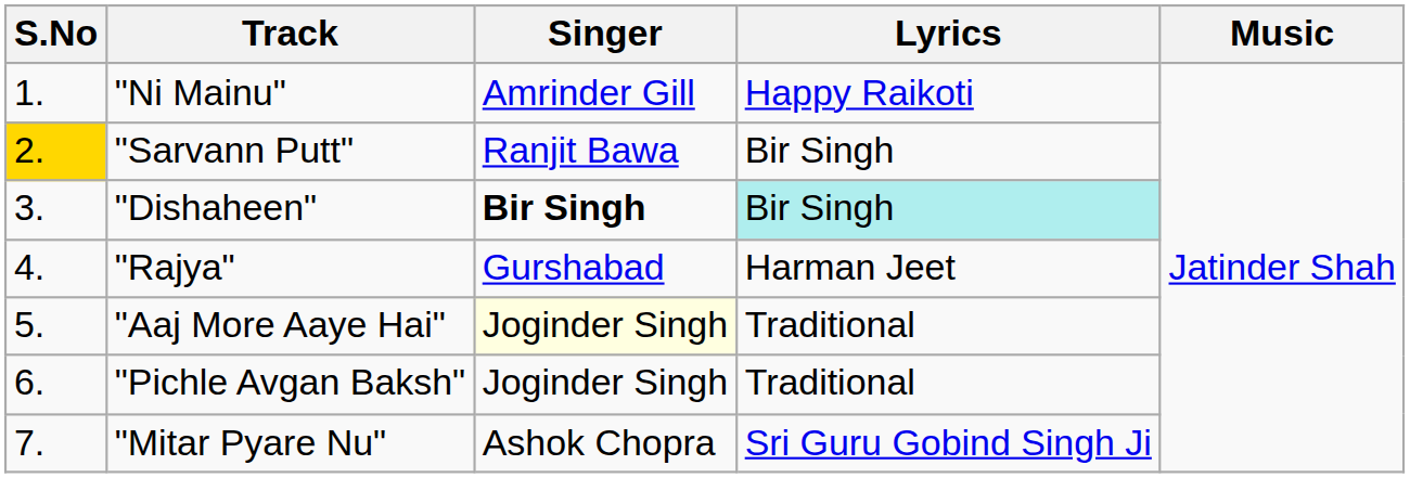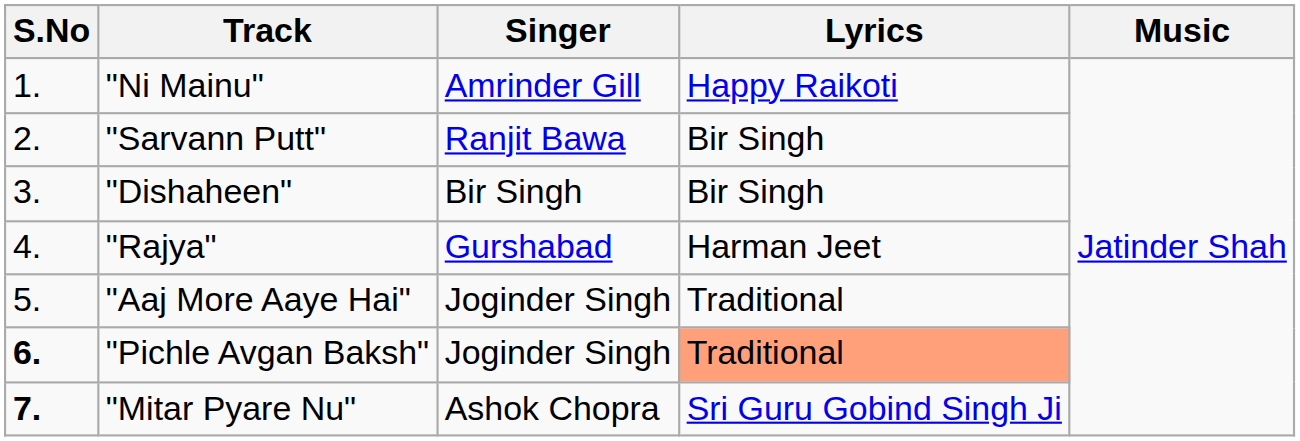 <table class="wikitable">
 <tr>
 <th>S.No</th>
 <th>Track</th>
 <th>Singer</th>
 <th>Lyrics</th>
 <th>Music</th>
 </tr>
 <tr>
 <td>1.</td>
 <td>"Ni Mainu"</td>
 <td><a href='#'>Amrinder Gill</a></td>
 <td><a href='#'>Happy Raikoti</a></td>
 <td rowspan="7"><a href='#'>Jatinder Shah</a></td>
 </tr>
 <tr>
-<td style="background: gold;">2.</td>
+<td>2.</td>
 <td>"Sarvann Putt"</td>
 <td><a href='#'>Ranjit Bawa</a></td>
 <td>Bir Singh</td>
 </tr>
 <tr>
 <td>3.</td>
 <td>"Dishaheen"</td>
-<td><strong>Bir Singh</strong></td>
-<td style="background: paleturquoise;">Bir Singh</td>
+<td>Bir Singh</td>
+<td>Bir Singh</td>
 </tr>
 <tr>
 <td>4.</td>
 <td>"Rajya"</td>
 <td><a href='#'>Gurshabad</a></td>
 <td>Harman Jeet</td>
 </tr>
 <tr>
 <td>5.</td>
 <td>"Aaj More Aaye Hai"</td>
-<td style="background: lightyellow;">Joginder Singh</td>
-<td>Traditional</td>
-</tr>
-<tr>
-<td>6.</td>
-<td>"Pichle Avgan Baksh"</td>
 <td>Joginder Singh</td>
 <td>Traditional</td>
 </tr>
 <tr>
-<td>7.</td>
+<td><strong>6.</strong></td>
+<td>"Pichle Avgan Baksh"</td>
+<td>Joginder Singh</td>
+<td style="background: lightsalmon;">Traditional</td>
+</tr>
+<tr>
+<td><strong>7.</strong></td>
 <td>"Mitar Pyare Nu"</td>
 <td>Ashok Chopra</td>
 <td><a href='#'>Sri Guru Gobind Singh Ji</a></td>
 </tr>
 </table>
